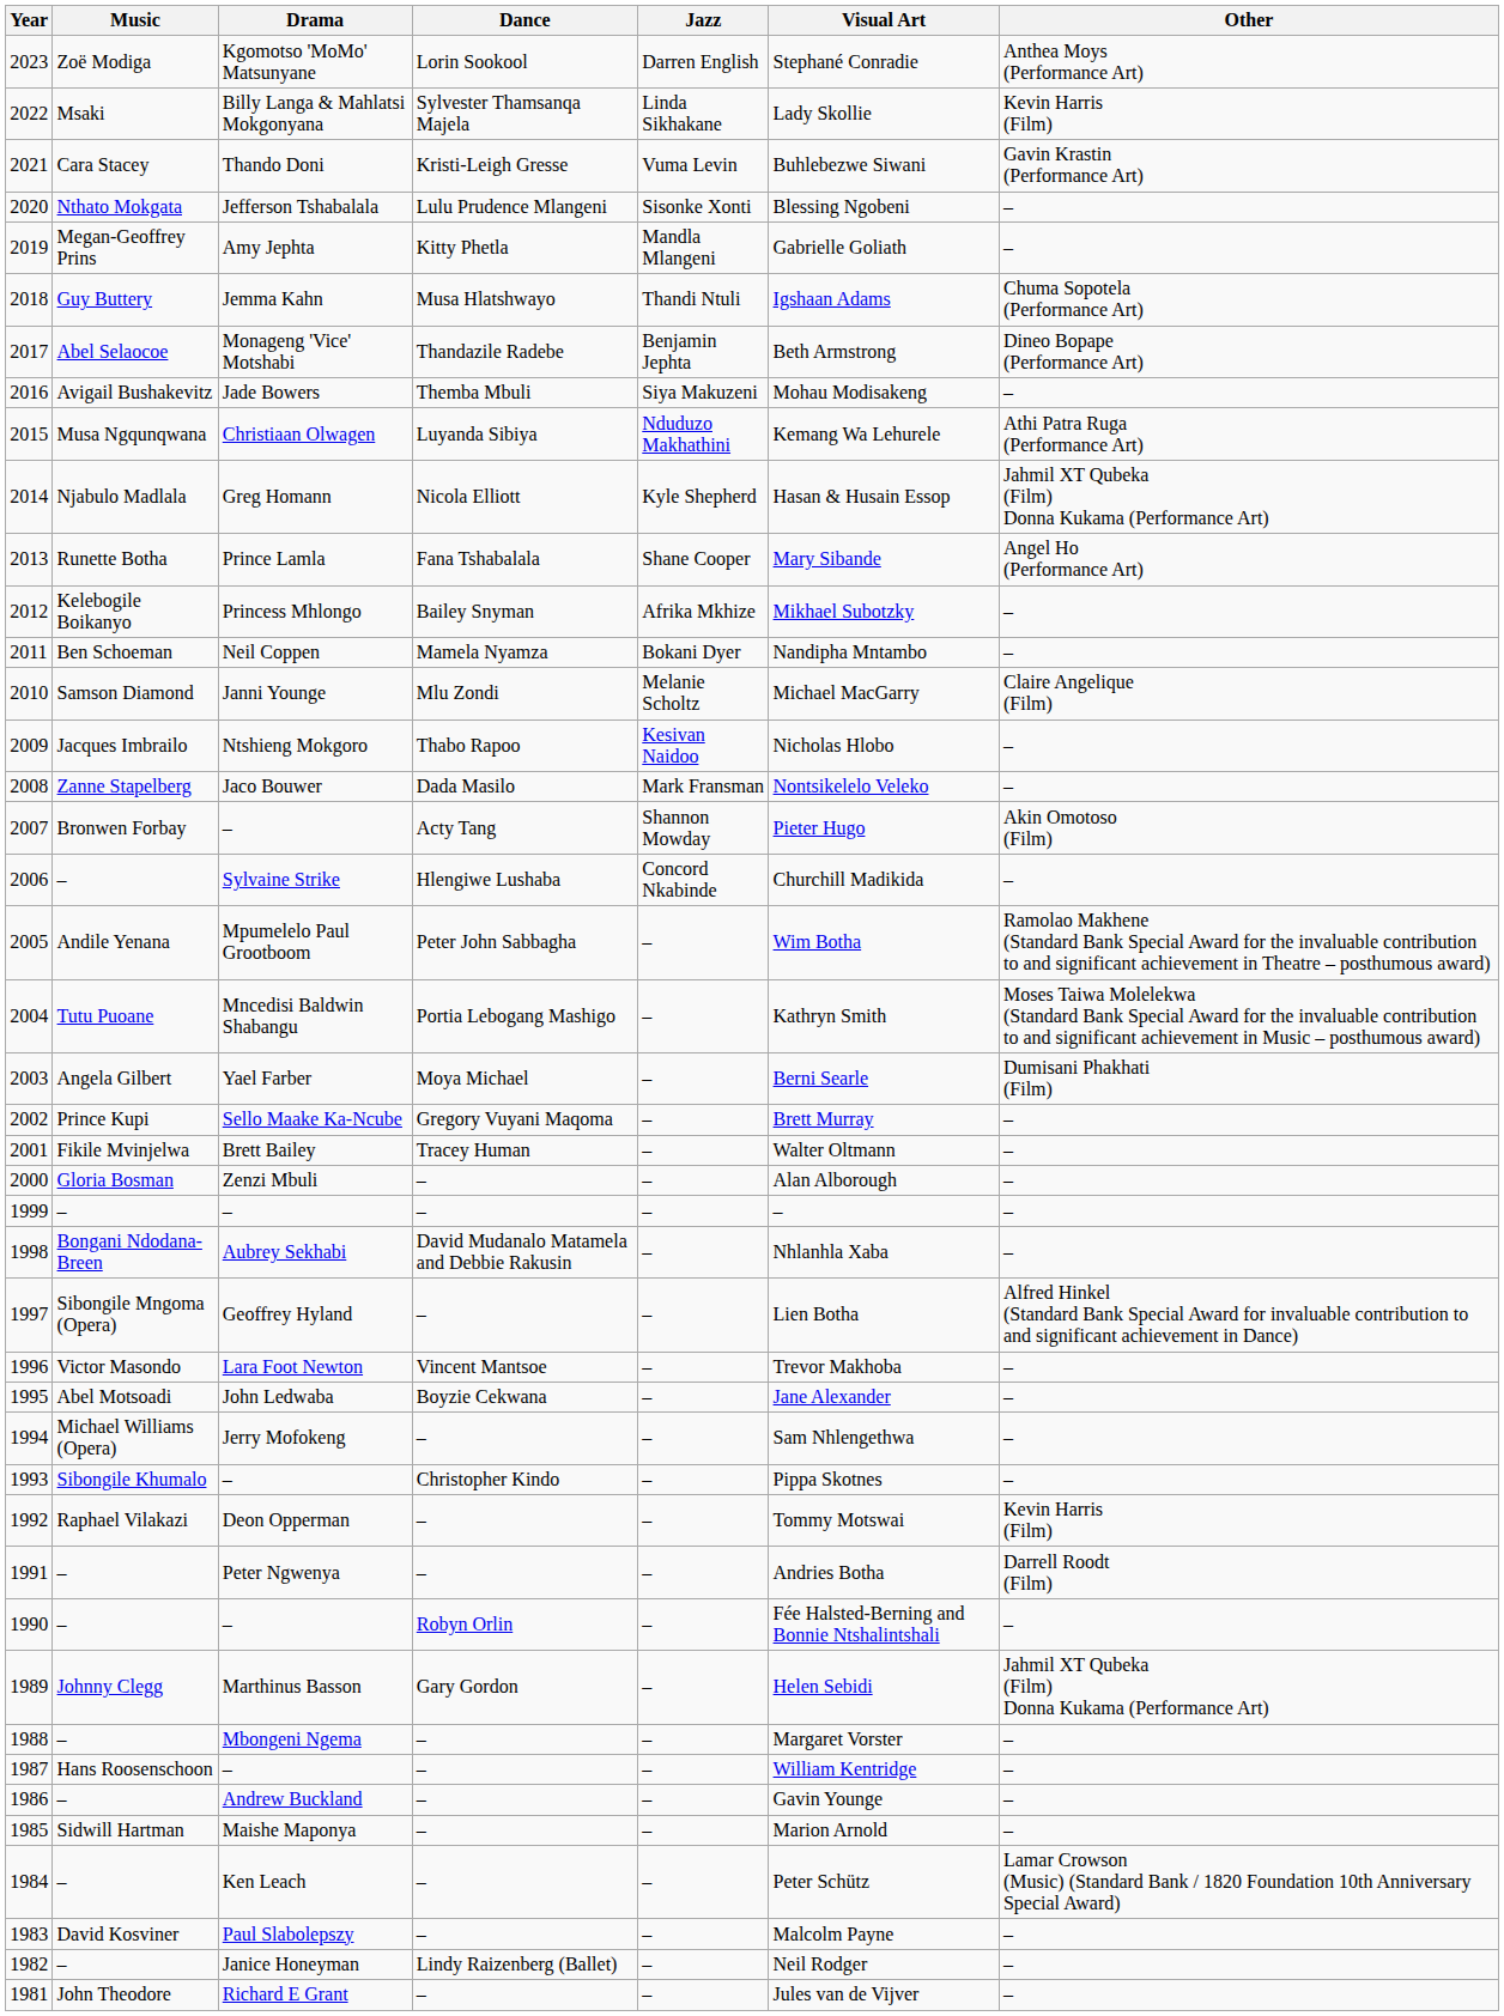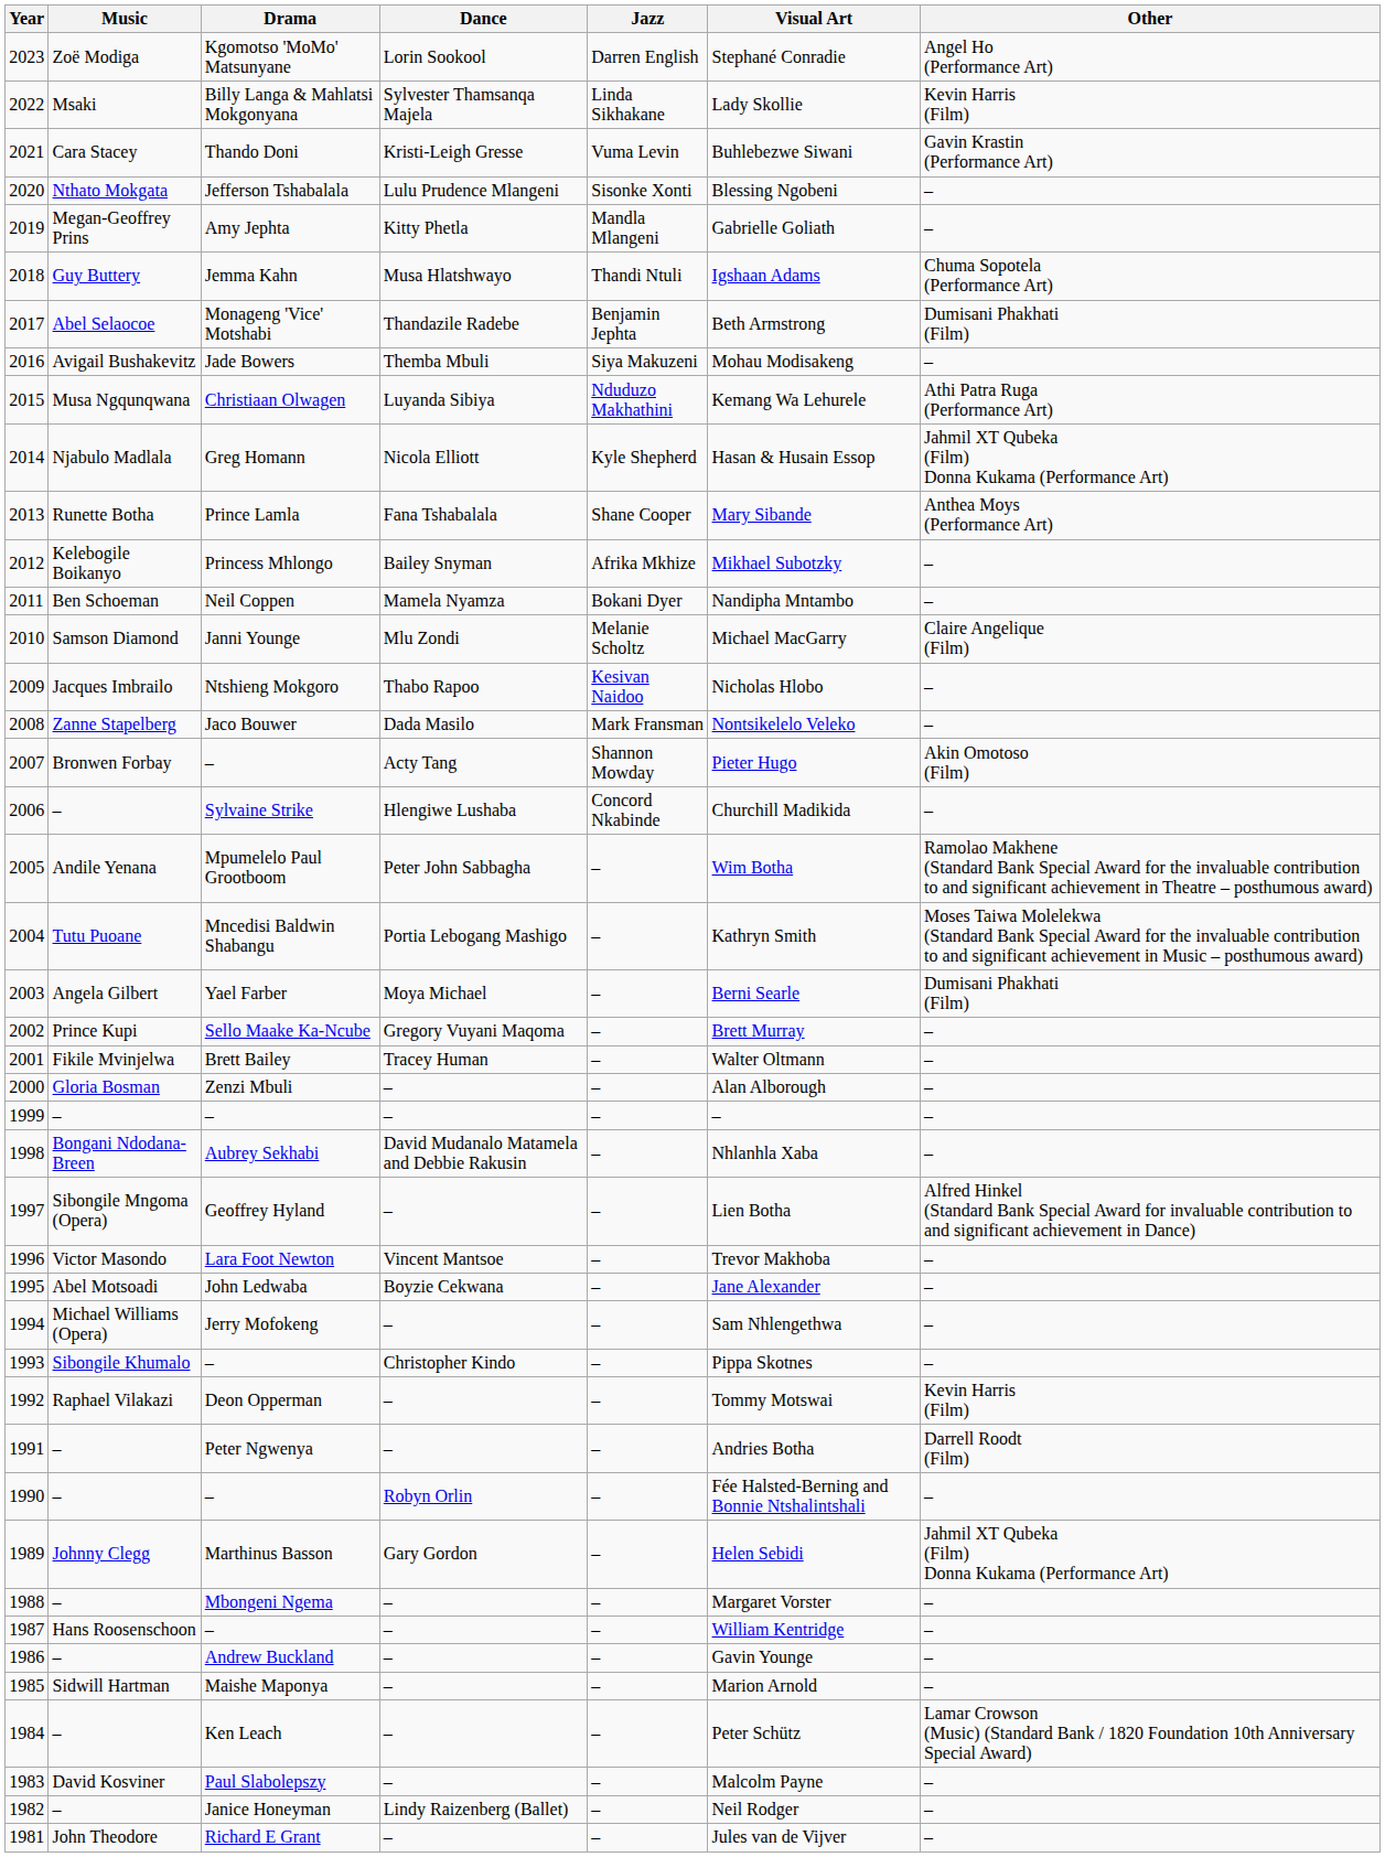 <table class="wikitable">
 <tr>
 <th>Year</th>
 <th>Music</th>
 <th>Drama</th>
 <th>Dance</th>
 <th>Jazz</th>
 <th>Visual Art</th>
 <th>Other</th>
 </tr>
 <tr>
 <td>2023</td>
 <td>Zoë Modiga</td>
 <td>Kgomotso 'MoMo' Matsunyane</td>
 <td>Lorin Sookool</td>
 <td>Darren English</td>
 <td>Stephané Conradie</td>
-<td>Anthea Moys<br>(Performance Art)</td>
+<td>Angel Ho<br>(Performance Art)</td>
 </tr>
 <tr>
 <td>2022</td>
 <td>Msaki</td>
 <td>Billy Langa & Mahlatsi Mokgonyana</td>
 <td>Sylvester Thamsanqa Majela</td>
 <td>Linda Sikhakane</td>
 <td>Lady Skollie</td>
 <td>Kevin Harris<br>(Film)</td>
 </tr>
 <tr>
 <td>2021</td>
 <td>Cara Stacey</td>
 <td>Thando Doni</td>
 <td>Kristi-Leigh Gresse</td>
 <td>Vuma Levin</td>
 <td>Buhlebezwe Siwani</td>
 <td>Gavin Krastin<br>(Performance Art)</td>
 </tr>
 <tr>
 <td>2020</td>
 <td><a href='#'>Nthato Mokgata</a></td>
 <td>Jefferson Tshabalala</td>
 <td>Lulu Prudence Mlangeni</td>
 <td>Sisonke Xonti</td>
 <td>Blessing Ngobeni</td>
 <td>–</td>
 </tr>
 <tr>
 <td>2019</td>
 <td>Megan-Geoffrey Prins</td>
 <td>Amy Jephta</td>
 <td>Kitty Phetla</td>
 <td>Mandla Mlangeni</td>
 <td>Gabrielle Goliath</td>
 <td>–</td>
 </tr>
 <tr>
 <td>2018</td>
 <td><a href='#'>Guy Buttery</a></td>
 <td>Jemma Kahn</td>
 <td>Musa Hlatshwayo</td>
 <td>Thandi Ntuli</td>
 <td><a href='#'>Igshaan Adams</a></td>
 <td>Chuma Sopotela<br>(Performance Art)</td>
 </tr>
 <tr>
 <td>2017</td>
 <td><a href='#'>Abel Selaocoe</a></td>
 <td>Monageng 'Vice' Motshabi</td>
 <td>Thandazile Radebe</td>
 <td>Benjamin Jephta</td>
 <td>Beth Armstrong</td>
-<td>Dineo Bopape<br>(Performance Art)</td>
+<td>Dumisani Phakhati<br>(Film)</td>
 </tr>
 <tr>
 <td>2016</td>
 <td>Avigail Bushakevitz</td>
 <td>Jade Bowers</td>
 <td>Themba Mbuli</td>
 <td>Siya Makuzeni</td>
 <td>Mohau Modisakeng</td>
 <td>–</td>
 </tr>
 <tr>
 <td>2015</td>
 <td>Musa Ngqunqwana</td>
 <td><a href='#'>Christiaan Olwagen</a></td>
 <td>Luyanda Sibiya</td>
 <td><a href='#'>Nduduzo Makhathini</a></td>
 <td>Kemang Wa Lehurele</td>
 <td>Athi Patra Ruga<br>(Performance Art)</td>
 </tr>
 <tr>
 <td>2014</td>
 <td>Njabulo Madlala</td>
 <td>Greg Homann</td>
 <td>Nicola Elliott</td>
 <td>Kyle Shepherd</td>
 <td>Hasan & Husain Essop</td>
 <td>Jahmil XT Qubeka<br>(Film) <br>Donna Kukama  (Performance Art)</td>
 </tr>
 <tr>
 <td>2013</td>
 <td>Runette Botha</td>
 <td>Prince Lamla</td>
 <td>Fana Tshabalala</td>
 <td>Shane Cooper</td>
 <td><a href='#'>Mary Sibande</a></td>
-<td>Angel Ho<br>(Performance Art)</td>
+<td>Anthea Moys<br>(Performance Art)</td>
 </tr>
 <tr>
 <td>2012</td>
 <td>Kelebogile Boikanyo</td>
 <td>Princess Mhlongo</td>
 <td>Bailey Snyman</td>
 <td>Afrika Mkhize</td>
 <td><a href='#'>Mikhael Subotzky</a></td>
 <td>–</td>
 </tr>
 <tr>
 <td>2011</td>
 <td>Ben Schoeman</td>
 <td>Neil Coppen</td>
 <td>Mamela Nyamza</td>
 <td>Bokani Dyer</td>
 <td>Nandipha Mntambo</td>
 <td>–</td>
 </tr>
 <tr>
 <td>2010</td>
 <td>Samson Diamond</td>
 <td>Janni Younge</td>
 <td>Mlu Zondi</td>
 <td>Melanie Scholtz</td>
 <td>Michael MacGarry</td>
 <td>Claire Angelique<br>(Film)</td>
 </tr>
 <tr>
 <td>2009</td>
 <td>Jacques Imbrailo</td>
 <td>Ntshieng Mokgoro</td>
 <td>Thabo Rapoo</td>
 <td><a href='#'>Kesivan Naidoo</a></td>
 <td>Nicholas Hlobo</td>
 <td>–</td>
 </tr>
 <tr>
 <td>2008</td>
 <td><a href='#'>Zanne Stapelberg</a></td>
 <td>Jaco Bouwer</td>
 <td>Dada Masilo</td>
 <td>Mark Fransman</td>
 <td><a href='#'>Nontsikelelo Veleko</a></td>
 <td>–</td>
 </tr>
 <tr>
 <td>2007</td>
 <td>Bronwen Forbay</td>
 <td>–</td>
 <td>Acty Tang</td>
 <td>Shannon Mowday</td>
 <td><a href='#'>Pieter Hugo</a></td>
 <td>Akin Omotoso<br>(Film)</td>
 </tr>
 <tr>
 <td>2006</td>
 <td>–</td>
 <td><a href='#'>Sylvaine Strike</a></td>
 <td>Hlengiwe Lushaba</td>
 <td>Concord Nkabinde</td>
 <td>Churchill Madikida</td>
 <td>–</td>
 </tr>
 <tr>
 <td>2005</td>
 <td>Andile Yenana</td>
 <td>Mpumelelo Paul Grootboom</td>
 <td>Peter John Sabbagha</td>
 <td>–</td>
 <td><a href='#'>Wim Botha</a></td>
 <td>Ramolao Makhene<br>(Standard Bank Special Award for the invaluable contribution to and significant achievement in Theatre – posthumous award)</td>
 </tr>
 <tr>
 <td>2004</td>
 <td><a href='#'>Tutu Puoane</a></td>
 <td>Mncedisi Baldwin Shabangu</td>
 <td>Portia Lebogang Mashigo</td>
 <td>–</td>
 <td>Kathryn Smith</td>
 <td>Moses Taiwa Molelekwa<br>(Standard Bank Special Award for the invaluable contribution to and significant achievement in Music – posthumous award)</td>
 </tr>
 <tr>
 <td>2003</td>
 <td>Angela Gilbert</td>
 <td>Yael Farber</td>
 <td>Moya Michael</td>
 <td>–</td>
 <td><a href='#'>Berni Searle</a></td>
 <td>Dumisani Phakhati<br>(Film)</td>
 </tr>
 <tr>
 <td>2002</td>
 <td>Prince Kupi</td>
 <td><a href='#'>Sello Maake Ka-Ncube</a></td>
 <td>Gregory Vuyani Maqoma</td>
 <td>–</td>
 <td><a href='#'>Brett Murray</a></td>
 <td>–</td>
 </tr>
 <tr>
 <td>2001</td>
 <td>Fikile Mvinjelwa</td>
 <td>Brett Bailey</td>
 <td>Tracey Human</td>
 <td>–</td>
 <td>Walter Oltmann</td>
 <td>–</td>
 </tr>
 <tr>
 <td>2000</td>
 <td><a href='#'>Gloria Bosman</a></td>
 <td>Zenzi Mbuli</td>
 <td>–</td>
 <td>–</td>
 <td>Alan Alborough</td>
 <td>–</td>
 </tr>
 <tr>
 <td>1999</td>
 <td>–</td>
 <td>–</td>
 <td>–</td>
 <td>–</td>
 <td>–</td>
 <td>–</td>
 </tr>
 <tr>
 <td>1998</td>
 <td><a href='#'>Bongani Ndodana-Breen</a></td>
 <td><a href='#'>Aubrey Sekhabi</a></td>
 <td>David Mudanalo Matamela and Debbie Rakusin</td>
 <td>–</td>
 <td>Nhlanhla Xaba</td>
 <td>–</td>
 </tr>
 <tr>
 <td>1997</td>
 <td>Sibongile Mngoma (Opera)</td>
 <td>Geoffrey Hyland</td>
 <td>–</td>
 <td>–</td>
 <td>Lien Botha</td>
 <td>Alfred Hinkel<br>(Standard Bank Special Award for invaluable contribution to and significant achievement in Dance)</td>
 </tr>
 <tr>
 <td>1996</td>
 <td>Victor Masondo</td>
 <td><a href='#'>Lara Foot Newton</a></td>
 <td>Vincent Mantsoe</td>
 <td>–</td>
 <td>Trevor Makhoba</td>
 <td>–</td>
 </tr>
 <tr>
 <td>1995</td>
 <td>Abel Motsoadi</td>
 <td>John Ledwaba</td>
 <td>Boyzie Cekwana</td>
 <td>–</td>
 <td><a href='#'>Jane Alexander</a></td>
 <td>–</td>
 </tr>
 <tr>
 <td>1994</td>
 <td>Michael Williams (Opera)</td>
 <td>Jerry Mofokeng</td>
 <td>–</td>
 <td>–</td>
 <td>Sam Nhlengethwa</td>
 <td>–</td>
 </tr>
 <tr>
 <td>1993</td>
 <td><a href='#'>Sibongile Khumalo</a></td>
 <td>–</td>
 <td>Christopher Kindo</td>
 <td>–</td>
 <td>Pippa Skotnes</td>
 <td>–</td>
 </tr>
 <tr>
 <td>1992</td>
 <td>Raphael Vilakazi</td>
 <td>Deon Opperman</td>
 <td>–</td>
 <td>–</td>
 <td>Tommy Motswai</td>
 <td>Kevin Harris<br>(Film)</td>
 </tr>
 <tr>
 <td>1991</td>
 <td>–</td>
 <td>Peter Ngwenya</td>
 <td>–</td>
 <td>–</td>
 <td>Andries Botha</td>
 <td>Darrell Roodt<br>(Film)</td>
 </tr>
 <tr>
 <td>1990</td>
 <td>–</td>
 <td>–</td>
 <td><a href='#'>Robyn Orlin</a></td>
 <td>–</td>
 <td>Fée Halsted-Berning and <a href='#'>Bonnie Ntshalintshali</a></td>
 <td>–</td>
 </tr>
 <tr>
 <td>1989</td>
 <td><a href='#'>Johnny Clegg</a></td>
 <td>Marthinus Basson</td>
 <td>Gary Gordon</td>
 <td>–</td>
 <td><a href='#'>Helen Sebidi</a></td>
 <td>Jahmil XT Qubeka<br>(Film) <br>Donna Kukama  (Performance Art)</td>
 </tr>
 <tr>
 <td>1988</td>
 <td>–</td>
 <td><a href='#'>Mbongeni Ngema</a></td>
 <td>–</td>
 <td>–</td>
 <td>Margaret Vorster</td>
 <td>–</td>
 </tr>
 <tr>
 <td>1987</td>
 <td>Hans Roosenschoon</td>
 <td>–</td>
 <td>–</td>
 <td>–</td>
 <td><a href='#'>William Kentridge</a></td>
 <td>–</td>
 </tr>
 <tr>
 <td>1986</td>
 <td>–</td>
 <td><a href='#'>Andrew Buckland</a></td>
 <td>–</td>
 <td>–</td>
 <td>Gavin Younge</td>
 <td>–</td>
 </tr>
 <tr>
 <td>1985</td>
 <td>Sidwill Hartman</td>
 <td>Maishe Maponya</td>
 <td>–</td>
 <td>–</td>
 <td>Marion Arnold</td>
 <td>–</td>
 </tr>
 <tr>
 <td>1984</td>
 <td>–</td>
 <td>Ken Leach</td>
 <td>–</td>
 <td>–</td>
 <td>Peter Schütz</td>
 <td>Lamar Crowson<br>(Music)  (Standard Bank / 1820 Foundation 10th Anniversary Special Award)</td>
 </tr>
 <tr>
 <td>1983</td>
 <td>David Kosviner</td>
 <td><a href='#'>Paul Slabolepszy</a></td>
 <td>–</td>
 <td>–</td>
 <td>Malcolm Payne</td>
 <td>–</td>
 </tr>
 <tr>
 <td>1982</td>
 <td>–</td>
 <td>Janice Honeyman</td>
 <td>Lindy Raizenberg (Ballet)</td>
 <td>–</td>
 <td>Neil Rodger</td>
 <td>–</td>
 </tr>
 <tr>
 <td>1981</td>
 <td>John Theodore</td>
 <td><a href='#'>Richard E Grant</a></td>
 <td>–</td>
 <td>–</td>
 <td>Jules van de Vijver</td>
 <td>–</td>
 </tr>
 <tr>
 </tr>
 </table>
